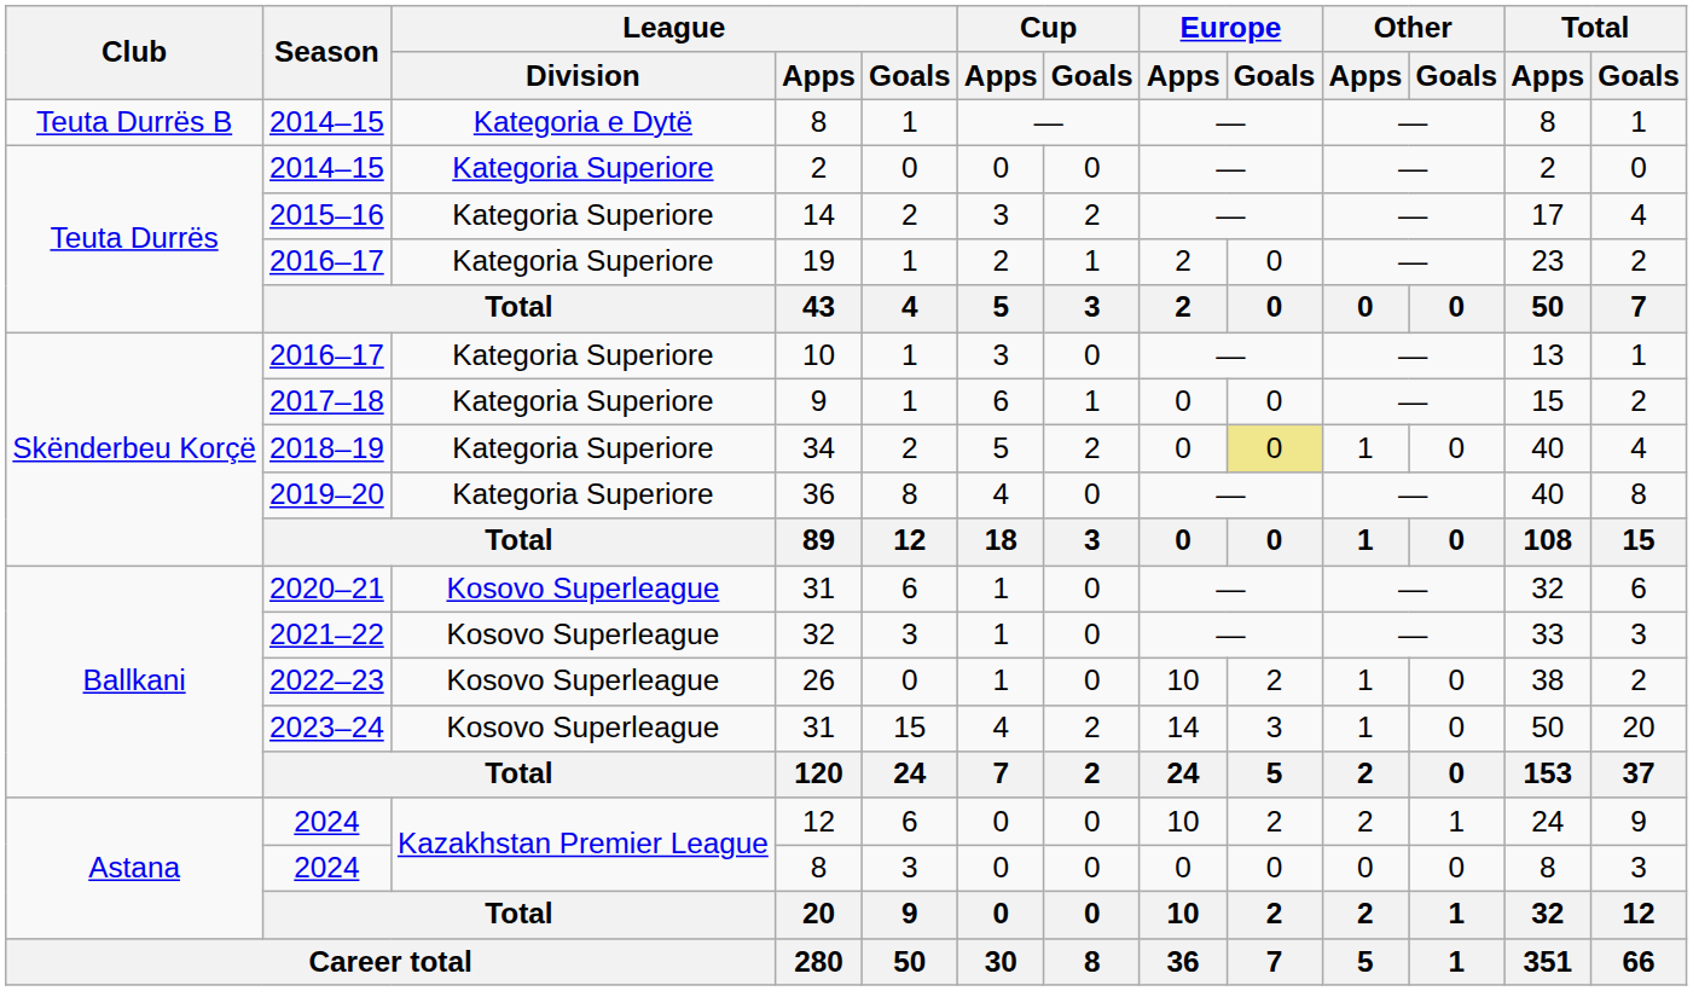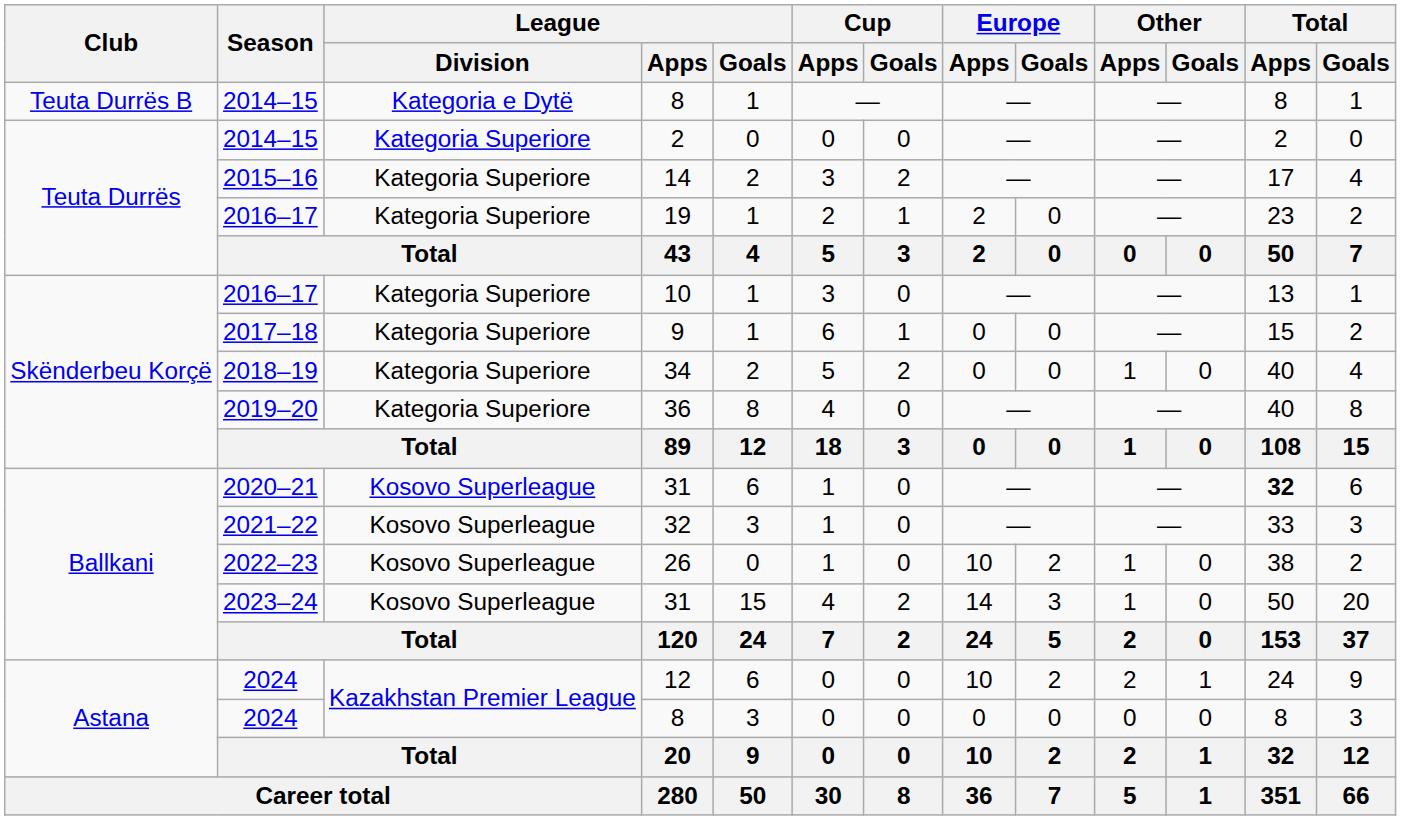 <table class="wikitable" style="text-align:center">
 <tr>
 <th rowspan="2">Club</th>
 <th rowspan="2">Season</th>
 <th colspan="3">League</th>
 <th colspan="2">Cup</th>
 <th colspan="2"><a href='#'>Europe</a></th>
 <th colspan="2">Other</th>
 <th colspan="2">Total</th>
 </tr>
 <tr>
 <th>Division</th>
 <th>Apps</th>
 <th>Goals</th>
 <th>Apps</th>
 <th>Goals</th>
 <th>Apps</th>
 <th>Goals</th>
 <th>Apps</th>
 <th>Goals</th>
 <th>Apps</th>
 <th>Goals</th>
 </tr>
 <tr>
 <td><a href='#'>Teuta Durrës B</a></td>
 <td><a href='#'>2014–15</a></td>
 <td><a href='#'>Kategoria e Dytë</a></td>
 <td>8</td>
 <td>1</td>
 <td colspan="2">—</td>
 <td colspan="2">—</td>
 <td colspan="2">—</td>
 <td>8</td>
 <td>1</td>
 </tr>
 <tr>
 <td rowspan="4"><a href='#'>Teuta Durrës</a></td>
 <td><a href='#'>2014–15</a></td>
 <td><a href='#'>Kategoria Superiore</a></td>
 <td>2</td>
 <td>0</td>
 <td>0</td>
 <td>0</td>
 <td colspan="2">—</td>
 <td colspan="2">—</td>
 <td>2</td>
 <td>0</td>
 </tr>
 <tr>
 <td><a href='#'>2015–16</a></td>
 <td>Kategoria Superiore</td>
 <td>14</td>
 <td>2</td>
 <td>3</td>
 <td>2</td>
 <td colspan="2">—</td>
 <td colspan="2">—</td>
 <td>17</td>
 <td>4</td>
 </tr>
 <tr>
 <td><a href='#'>2016–17</a></td>
 <td>Kategoria Superiore</td>
 <td>19</td>
 <td>1</td>
 <td>2</td>
 <td>1</td>
 <td>2</td>
 <td>0</td>
 <td colspan="2">—</td>
 <td>23</td>
 <td>2</td>
 </tr>
 <tr>
 <th colspan="2">Total</th>
 <th>43</th>
 <th>4</th>
 <th>5</th>
 <th>3</th>
 <th>2</th>
 <th>0</th>
 <th>0</th>
 <th>0</th>
 <th>50</th>
 <th>7</th>
 </tr>
 <tr>
 <td rowspan="5"><a href='#'>Skënderbeu Korçë</a></td>
 <td><a href='#'>2016–17</a></td>
 <td>Kategoria Superiore</td>
 <td>10</td>
 <td>1</td>
 <td>3</td>
 <td>0</td>
 <td colspan="2">—</td>
 <td colspan="2">—</td>
 <td>13</td>
 <td>1</td>
 </tr>
 <tr>
 <td><a href='#'>2017–18</a></td>
 <td>Kategoria Superiore</td>
 <td>9</td>
 <td>1</td>
 <td>6</td>
 <td>1</td>
 <td>0</td>
 <td>0</td>
 <td colspan="2">—</td>
 <td>15</td>
 <td>2</td>
 </tr>
 <tr>
 <td><a href='#'>2018–19</a></td>
 <td>Kategoria Superiore</td>
 <td>34</td>
 <td>2</td>
 <td>5</td>
 <td>2</td>
 <td>0</td>
-<td style="background: khaki;">0</td>
+<td>0</td>
 <td>1</td>
 <td>0</td>
 <td>40</td>
 <td>4</td>
 </tr>
 <tr>
 <td><a href='#'>2019–20</a></td>
 <td>Kategoria Superiore</td>
 <td>36</td>
 <td>8</td>
 <td>4</td>
 <td>0</td>
 <td colspan="2">—</td>
 <td colspan="2">—</td>
 <td>40</td>
 <td>8</td>
 </tr>
 <tr>
 <th colspan="2">Total</th>
 <th>89</th>
 <th>12</th>
 <th>18</th>
 <th>3</th>
 <th>0</th>
 <th>0</th>
 <th>1</th>
 <th>0</th>
 <th>108</th>
 <th>15</th>
 </tr>
 <tr>
 <td rowspan="5"><a href='#'>Ballkani</a></td>
 <td><a href='#'>2020–21</a></td>
 <td><a href='#'>Kosovo Superleague</a></td>
 <td>31</td>
 <td>6</td>
 <td>1</td>
 <td>0</td>
 <td colspan="2">—</td>
 <td colspan="2">—</td>
-<td>32</td>
+<td><strong>32</strong></td>
 <td>6</td>
 </tr>
 <tr>
 <td><a href='#'>2021–22</a></td>
 <td>Kosovo Superleague</td>
 <td>32</td>
 <td>3</td>
 <td>1</td>
 <td>0</td>
 <td colspan="2">—</td>
 <td colspan="2">—</td>
 <td>33</td>
 <td>3</td>
 </tr>
 <tr>
 <td><a href='#'>2022–23</a></td>
 <td>Kosovo Superleague</td>
 <td>26</td>
 <td>0</td>
 <td>1</td>
 <td>0</td>
 <td>10</td>
 <td>2</td>
 <td>1</td>
 <td>0</td>
 <td>38</td>
 <td>2</td>
 </tr>
 <tr>
 <td><a href='#'>2023–24</a></td>
 <td>Kosovo Superleague</td>
 <td>31</td>
 <td>15</td>
 <td>4</td>
 <td>2</td>
 <td>14</td>
 <td>3</td>
 <td>1</td>
 <td>0</td>
 <td>50</td>
 <td>20</td>
 </tr>
 <tr>
 <th colspan="2">Total</th>
 <th>120</th>
 <th>24</th>
 <th>7</th>
 <th>2</th>
 <th>24</th>
 <th>5</th>
 <th>2</th>
 <th>0</th>
 <th>153</th>
 <th>37</th>
 </tr>
 <tr>
 <td rowspan="3"><a href='#'>Astana</a></td>
 <td><a href='#'>2024</a></td>
 <td rowspan="2"><a href='#'>Kazakhstan Premier League</a></td>
 <td>12</td>
 <td>6</td>
 <td>0</td>
 <td>0</td>
 <td>10</td>
 <td>2</td>
 <td>2</td>
 <td>1</td>
 <td>24</td>
 <td>9</td>
 </tr>
 <tr>
 <td><a href='#'>2024</a></td>
 <td>8</td>
 <td>3</td>
 <td>0</td>
 <td>0</td>
 <td>0</td>
 <td>0</td>
 <td>0</td>
 <td>0</td>
 <td>8</td>
 <td>3</td>
 </tr>
 <tr>
 <th colspan="2">Total</th>
 <th>20</th>
 <th>9</th>
 <th>0</th>
 <th>0</th>
 <th>10</th>
 <th>2</th>
 <th>2</th>
 <th>1</th>
 <th>32</th>
 <th>12</th>
 </tr>
 <tr>
 <th colspan="3">Career total</th>
 <th>280</th>
 <th>50</th>
 <th>30</th>
 <th>8</th>
 <th>36</th>
 <th>7</th>
 <th>5</th>
 <th>1</th>
 <th>351</th>
 <th>66</th>
 </tr>
 </table>
